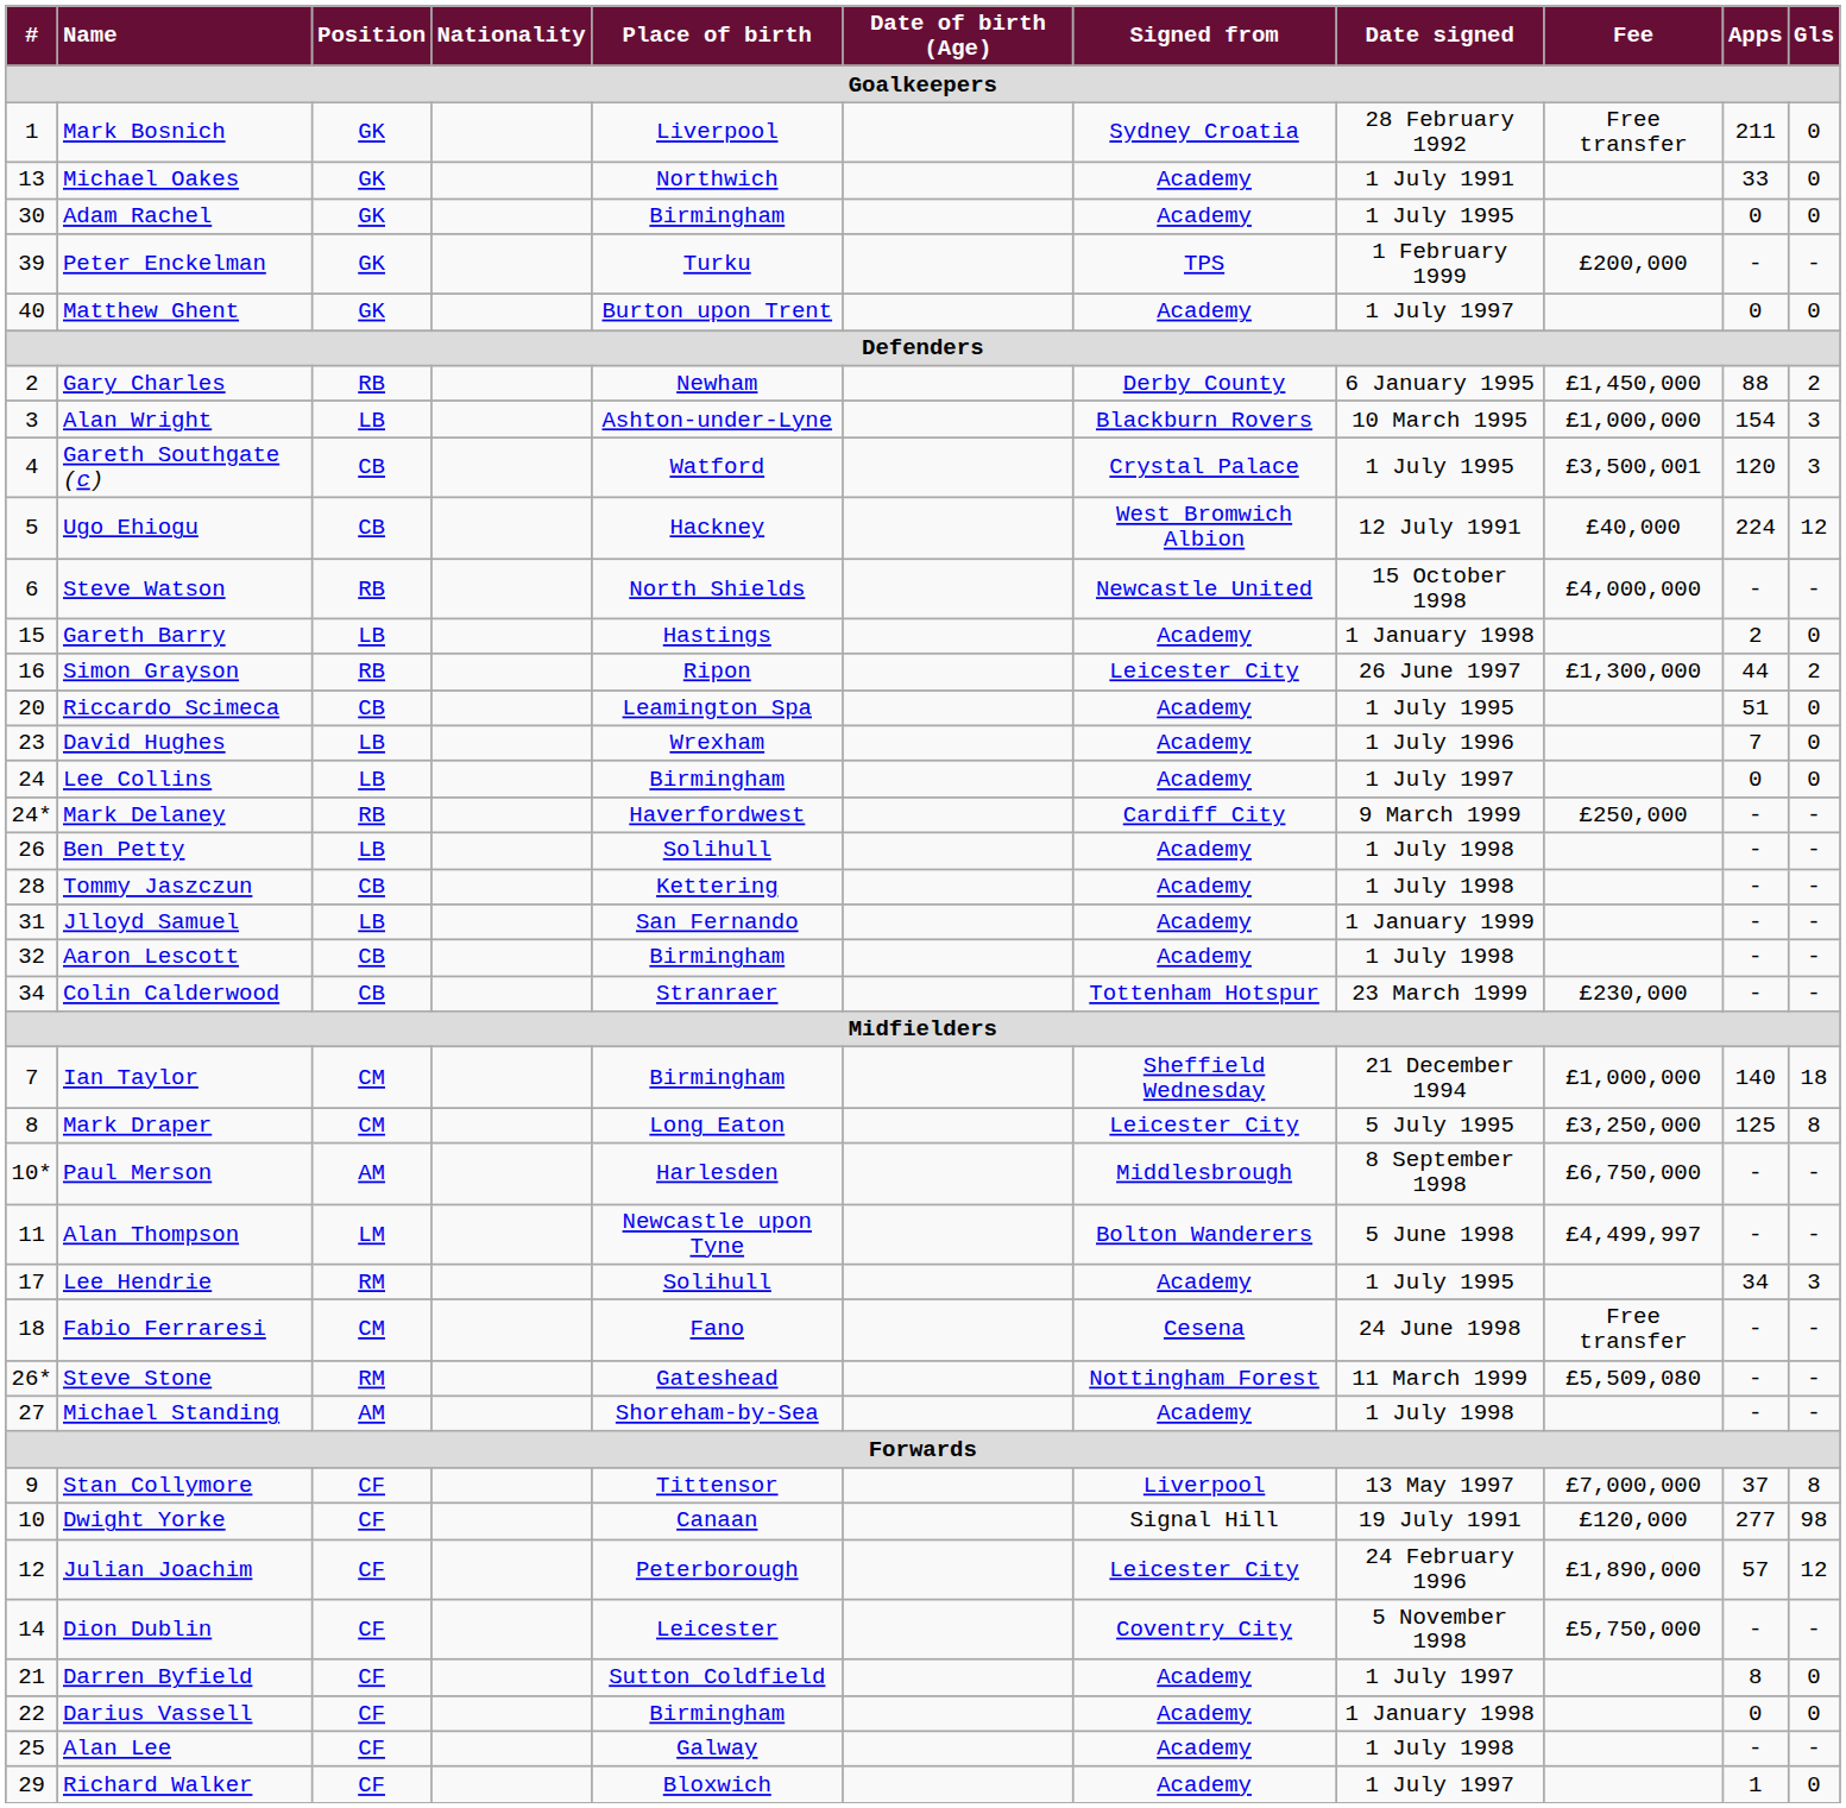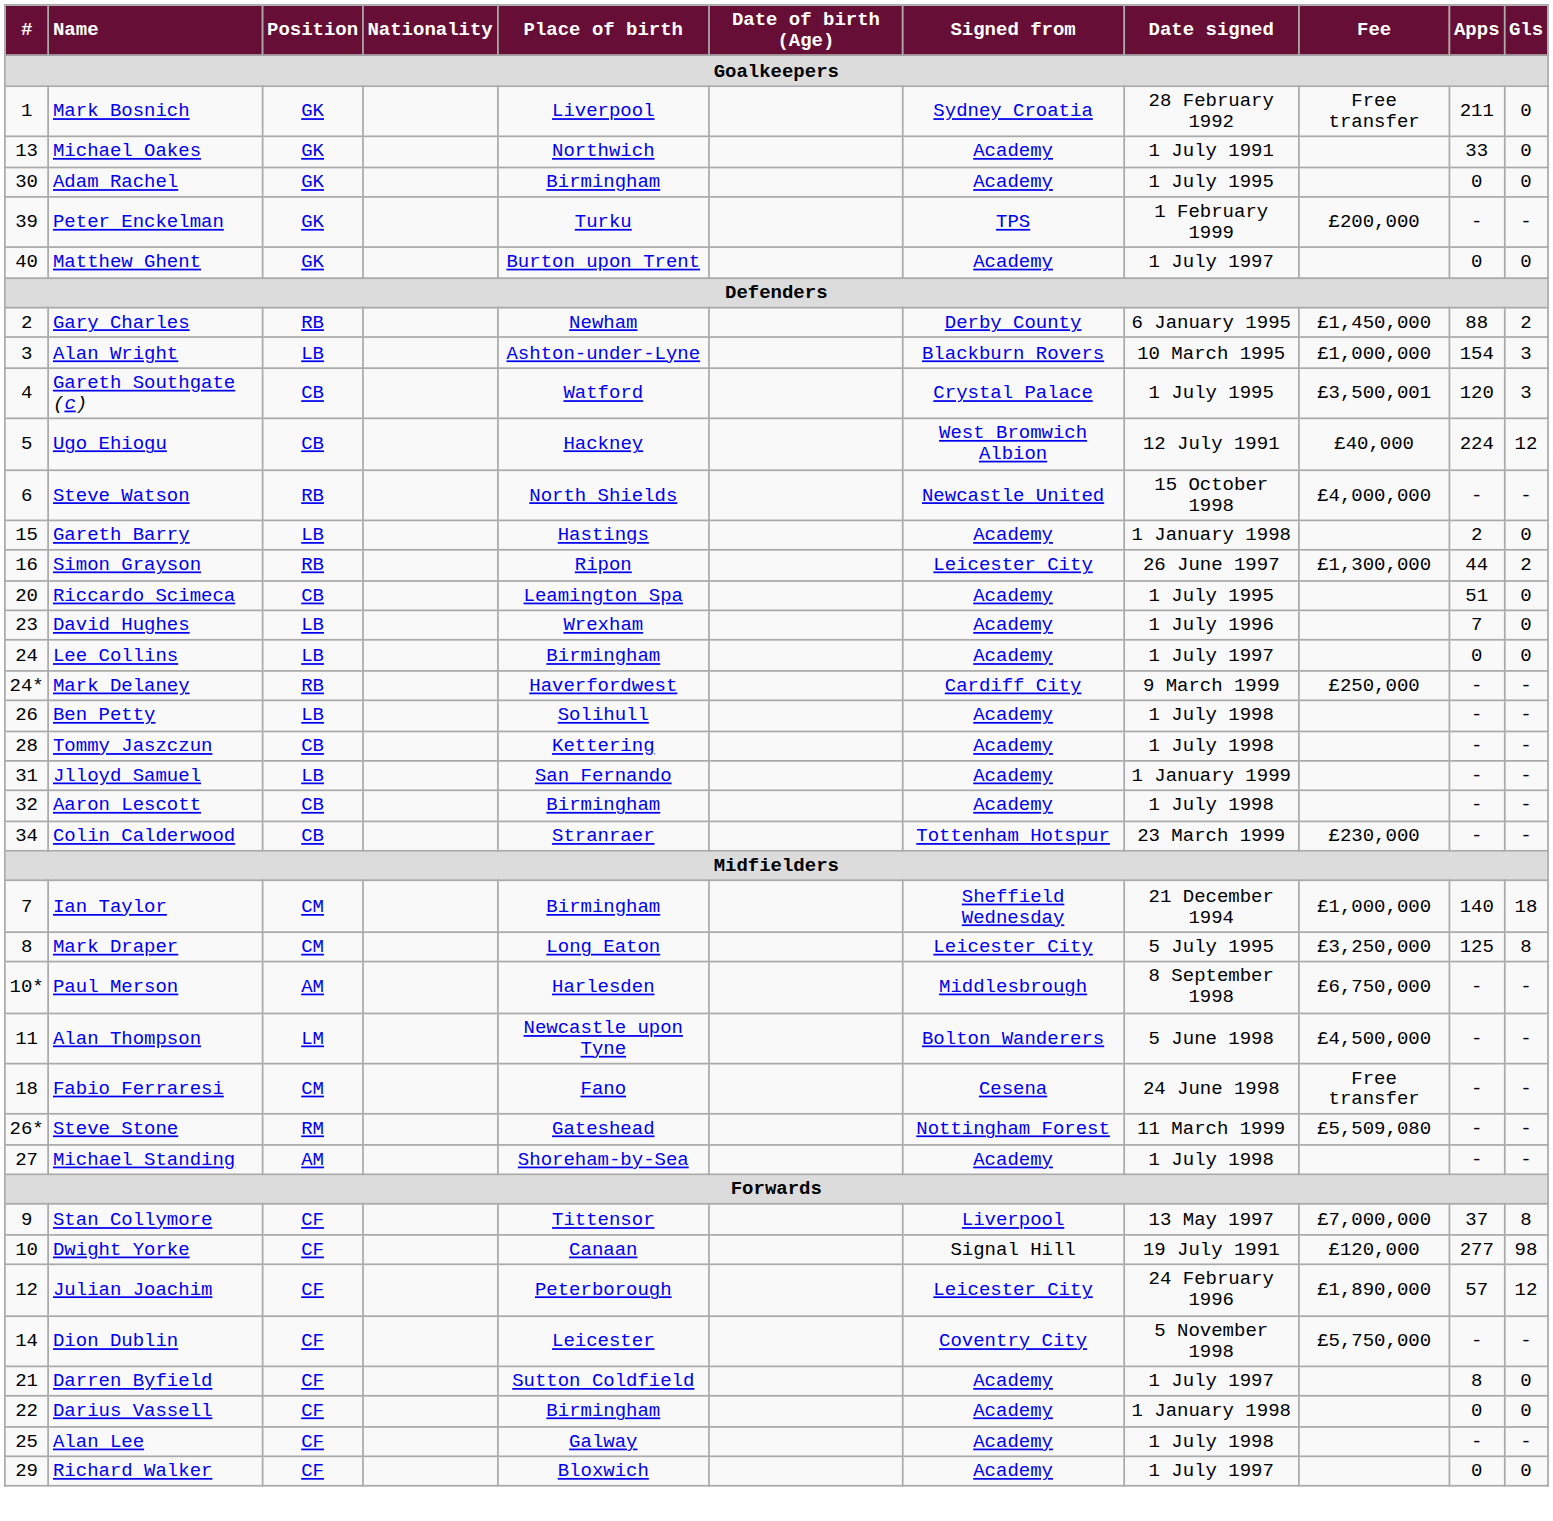 <table class="wikitable" style="text-align:center; font-size:84.5%; width:101%;">
 <tr>
 <th style="background:#670E36; color:#FFFFFF; text-align:center;">#</th>
 <th style="background:#670E36; color:#FFFFFF; text-align:left;">Name</th>
 <th style="background:#670E36; color:#FFFFFF; text-align:center;">Position</th>
 <th style="background:#670E36; color:#FFFFFF; text-align:center;">Nationality</th>
 <th style="background:#670E36; color:#FFFFFF; text-align:center;">Place of birth</th>
 <th style="background:#670E36; color:#FFFFFF; text-align:center;">Date of birth (Age)</th>
 <th style="background:#670E36; color:#FFFFFF; text-align:center;">Signed from</th>
 <th style="background:#670E36; color:#FFFFFF; text-align:center;">Date signed</th>
 <th style="background:#670E36; color:#FFFFFF; text-align:center;">Fee</th>
 <th style="background:#670E36; color:#FFFFFF; text-align:center;">Apps</th>
 <th style="background:#670E36; color:#FFFFFF; text-align:center;">Gls</th>
 </tr>
 <tr>
 <th colspan="11" style="background:#dcdcdc; tepxt-align:center;">Goalkeepers</th>
 </tr>
 <tr>
 <td>1</td>
 <td style="text-align:left;"><a href='#'>Mark Bosnich</a></td>
 <td><a href='#'>GK</a></td>
 <td></td>
 <td><a href='#'>Liverpool</a></td>
 <td></td>
 <td> <a href='#'>Sydney Croatia</a></td>
 <td>28 February 1992</td>
 <td>Free transfer</td>
 <td>211</td>
 <td>0</td>
 </tr>
 <tr>
 <td>13</td>
 <td style="text-align:left;"><a href='#'>Michael Oakes</a></td>
 <td><a href='#'>GK</a></td>
 <td></td>
 <td><a href='#'>Northwich</a></td>
 <td></td>
 <td><a href='#'>Academy</a></td>
 <td>1 July 1991</td>
 <td></td>
 <td>33</td>
 <td>0</td>
 </tr>
 <tr>
 <td>30</td>
 <td style="text-align:left;"><a href='#'>Adam Rachel</a></td>
 <td><a href='#'>GK</a></td>
 <td></td>
 <td><a href='#'>Birmingham</a></td>
 <td></td>
 <td><a href='#'>Academy</a></td>
 <td>1 July 1995</td>
 <td></td>
 <td>0</td>
 <td>0</td>
 </tr>
 <tr>
 <td>39</td>
 <td style="text-align:left;"><a href='#'>Peter Enckelman</a></td>
 <td><a href='#'>GK</a></td>
 <td></td>
 <td><a href='#'>Turku</a></td>
 <td></td>
 <td> <a href='#'>TPS</a></td>
 <td>1 February 1999</td>
 <td>£200,000</td>
 <td>-</td>
 <td>-</td>
 </tr>
 <tr>
 <td>40</td>
 <td style="text-align:left;"><a href='#'>Matthew Ghent</a></td>
 <td><a href='#'>GK</a></td>
 <td></td>
 <td><a href='#'>Burton upon Trent</a></td>
 <td></td>
 <td><a href='#'>Academy</a></td>
 <td>1 July 1997</td>
 <td></td>
 <td>0</td>
 <td>0</td>
 </tr>
 <tr>
 <th colspan="11" style="background:#dcdcdc; tepxt-align:center;">Defenders</th>
 </tr>
 <tr>
 <td>2</td>
 <td style="text-align:left;"><a href='#'>Gary Charles</a></td>
 <td><a href='#'>RB</a></td>
 <td></td>
 <td><a href='#'>Newham</a></td>
 <td></td>
 <td><a href='#'>Derby County</a></td>
 <td>6 January 1995</td>
 <td>£1,450,000</td>
 <td>88</td>
 <td>2</td>
 </tr>
 <tr>
 <td>3</td>
 <td style="text-align:left;"><a href='#'>Alan Wright</a></td>
 <td><a href='#'>LB</a></td>
 <td></td>
 <td><a href='#'>Ashton-under-Lyne</a></td>
 <td></td>
 <td><a href='#'>Blackburn Rovers</a></td>
 <td>10 March 1995</td>
 <td>£1,000,000</td>
 <td>154</td>
 <td>3</td>
 </tr>
 <tr>
 <td>4</td>
 <td style="text-align:left;"><a href='#'>Gareth Southgate</a> <em>(<a href='#'>c</a>)</em></td>
 <td><a href='#'>CB</a></td>
 <td></td>
 <td><a href='#'>Watford</a></td>
 <td></td>
 <td><a href='#'>Crystal Palace</a></td>
 <td>1 July 1995</td>
 <td>£3,500,001</td>
 <td>120</td>
 <td>3</td>
 </tr>
 <tr>
 <td>5</td>
 <td style="text-align:left;"><a href='#'>Ugo Ehiogu</a></td>
 <td><a href='#'>CB</a></td>
 <td></td>
 <td><a href='#'>Hackney</a></td>
 <td></td>
 <td><a href='#'>West Bromwich Albion</a></td>
 <td>12 July 1991</td>
 <td>£40,000</td>
 <td>224</td>
 <td>12</td>
 </tr>
 <tr>
 <td>6</td>
 <td style="text-align:left;"><a href='#'>Steve Watson</a></td>
 <td><a href='#'>RB</a></td>
 <td></td>
 <td><a href='#'>North Shields</a></td>
 <td></td>
 <td><a href='#'>Newcastle United</a></td>
 <td>15 October 1998</td>
 <td>£4,000,000</td>
 <td>-</td>
 <td>-</td>
 </tr>
 <tr>
 <td>15</td>
 <td style="text-align:left;"><a href='#'>Gareth Barry</a></td>
 <td><a href='#'>LB</a></td>
 <td></td>
 <td><a href='#'>Hastings</a></td>
 <td></td>
 <td><a href='#'>Academy</a></td>
 <td>1 January 1998</td>
 <td></td>
 <td>2</td>
 <td>0</td>
 </tr>
 <tr>
 <td>16</td>
 <td style="text-align:left;"><a href='#'>Simon Grayson</a></td>
 <td><a href='#'>RB</a></td>
 <td></td>
 <td><a href='#'>Ripon</a></td>
 <td></td>
 <td><a href='#'>Leicester City</a></td>
 <td>26 June 1997</td>
 <td>£1,300,000</td>
 <td>44</td>
 <td>2</td>
 </tr>
 <tr>
 <td>20</td>
 <td style="text-align:left;"><a href='#'>Riccardo Scimeca</a></td>
 <td><a href='#'>CB</a></td>
 <td></td>
 <td><a href='#'>Leamington Spa</a></td>
 <td></td>
 <td><a href='#'>Academy</a></td>
 <td>1 July 1995</td>
 <td></td>
 <td>51</td>
 <td>0</td>
 </tr>
 <tr>
 <td>23</td>
 <td style="text-align:left;"><a href='#'>David Hughes</a></td>
 <td><a href='#'>LB</a></td>
 <td></td>
 <td><a href='#'>Wrexham</a></td>
 <td></td>
 <td><a href='#'>Academy</a></td>
 <td>1 July 1996</td>
 <td></td>
 <td>7</td>
 <td>0</td>
 </tr>
 <tr>
 <td>24</td>
 <td style="text-align:left;"><a href='#'>Lee Collins</a></td>
 <td><a href='#'>LB</a></td>
 <td></td>
 <td><a href='#'>Birmingham</a></td>
 <td></td>
 <td><a href='#'>Academy</a></td>
 <td>1 July 1997</td>
 <td></td>
 <td>0</td>
 <td>0</td>
 </tr>
 <tr>
 <td>24*</td>
 <td style="text-align:left;"><a href='#'>Mark Delaney</a></td>
 <td><a href='#'>RB</a></td>
 <td></td>
 <td><a href='#'>Haverfordwest</a></td>
 <td></td>
 <td> <a href='#'>Cardiff City</a></td>
 <td>9 March 1999</td>
 <td>£250,000</td>
 <td>-</td>
 <td>-</td>
 </tr>
 <tr>
 <td>26</td>
 <td style="text-align:left;"><a href='#'>Ben Petty</a></td>
 <td><a href='#'>LB</a></td>
 <td></td>
 <td><a href='#'>Solihull</a></td>
 <td></td>
 <td><a href='#'>Academy</a></td>
 <td>1 July 1998</td>
 <td></td>
 <td>-</td>
 <td>-</td>
 </tr>
 <tr>
 <td>28</td>
 <td style="text-align:left;"><a href='#'>Tommy Jaszczun</a></td>
 <td><a href='#'>CB</a></td>
 <td></td>
 <td><a href='#'>Kettering</a></td>
 <td></td>
 <td><a href='#'>Academy</a></td>
 <td>1 July 1998</td>
 <td></td>
 <td>-</td>
 <td>-</td>
 </tr>
 <tr>
 <td>31</td>
 <td style="text-align:left;"><a href='#'>Jlloyd Samuel</a></td>
 <td><a href='#'>LB</a></td>
 <td></td>
 <td><a href='#'>San Fernando</a></td>
 <td></td>
 <td><a href='#'>Academy</a></td>
 <td>1 January 1999</td>
 <td></td>
 <td>-</td>
 <td>-</td>
 </tr>
 <tr>
 <td>32</td>
 <td style="text-align:left;"><a href='#'>Aaron Lescott</a></td>
 <td><a href='#'>CB</a></td>
 <td></td>
 <td><a href='#'>Birmingham</a></td>
 <td></td>
 <td><a href='#'>Academy</a></td>
 <td>1 July 1998</td>
 <td></td>
 <td>-</td>
 <td>-</td>
 </tr>
 <tr>
 <td>34</td>
 <td style="text-align:left;"><a href='#'>Colin Calderwood</a></td>
 <td><a href='#'>CB</a></td>
 <td></td>
 <td><a href='#'>Stranraer</a></td>
 <td></td>
 <td><a href='#'>Tottenham Hotspur</a></td>
 <td>23 March 1999</td>
 <td>£230,000</td>
 <td>-</td>
 <td>-</td>
 </tr>
 <tr>
 <th colspan="11" style="background:#dcdcdc; tepxt-align:center;">Midfielders</th>
 </tr>
 <tr>
 <td>7</td>
 <td style="text-align:left;"><a href='#'>Ian Taylor</a></td>
 <td><a href='#'>CM</a></td>
 <td></td>
 <td><a href='#'>Birmingham</a></td>
 <td></td>
 <td><a href='#'>Sheffield Wednesday</a></td>
 <td>21 December 1994</td>
 <td>£1,000,000</td>
 <td>140</td>
 <td>18</td>
 </tr>
 <tr>
 <td>8</td>
 <td style="text-align:left;"><a href='#'>Mark Draper</a></td>
 <td><a href='#'>CM</a></td>
 <td></td>
 <td><a href='#'>Long Eaton</a></td>
 <td></td>
 <td><a href='#'>Leicester City</a></td>
 <td>5 July 1995</td>
 <td>£3,250,000</td>
 <td>125</td>
 <td>8</td>
 </tr>
 <tr>
 <td>10*</td>
 <td style="text-align:left;"><a href='#'>Paul Merson</a></td>
 <td><a href='#'>AM</a></td>
 <td></td>
 <td><a href='#'>Harlesden</a></td>
 <td></td>
 <td><a href='#'>Middlesbrough</a></td>
 <td>8 September 1998</td>
 <td>£6,750,000</td>
 <td>-</td>
 <td>-</td>
 </tr>
 <tr>
 <td>11</td>
 <td style="text-align:left;"><a href='#'>Alan Thompson</a></td>
 <td><a href='#'>LM</a></td>
 <td></td>
 <td><a href='#'>Newcastle upon Tyne</a></td>
 <td></td>
 <td><a href='#'>Bolton Wanderers</a></td>
 <td>5 June 1998</td>
-<td>£4,499,997</td>
+<td>£4,500,000</td>
 <td>-</td>
 <td>-</td>
-</tr>
-<tr>
-<td>17</td>
-<td style="text-align:left;"><a href='#'>Lee Hendrie</a></td>
-<td><a href='#'>RM</a></td>
-<td></td>
-<td><a href='#'>Solihull</a></td>
-<td></td>
-<td><a href='#'>Academy</a></td>
-<td>1 July 1995</td>
-<td></td>
-<td>34</td>
-<td>3</td>
 </tr>
 <tr>
 <td>18</td>
 <td style="text-align:left;"><a href='#'>Fabio Ferraresi</a></td>
 <td><a href='#'>CM</a></td>
 <td></td>
 <td><a href='#'>Fano</a></td>
 <td></td>
 <td> <a href='#'>Cesena</a></td>
 <td>24 June 1998</td>
 <td>Free transfer</td>
 <td>-</td>
 <td>-</td>
 </tr>
 <tr>
 <td>26*</td>
 <td style="text-align:left;"><a href='#'>Steve Stone</a></td>
 <td><a href='#'>RM</a></td>
 <td></td>
 <td><a href='#'>Gateshead</a></td>
 <td></td>
 <td><a href='#'>Nottingham Forest</a></td>
 <td>11 March 1999</td>
 <td>£5,509,080</td>
 <td>-</td>
 <td>-</td>
 </tr>
 <tr>
 <td>27</td>
 <td style="text-align:left;"><a href='#'>Michael Standing</a></td>
 <td><a href='#'>AM</a></td>
 <td></td>
 <td><a href='#'>Shoreham-by-Sea</a></td>
 <td></td>
 <td><a href='#'>Academy</a></td>
 <td>1 July 1998</td>
 <td></td>
 <td>-</td>
 <td>-</td>
 </tr>
 <tr>
 <th colspan="11" style="background:#dcdcdc; tepxt-align:center;">Forwards</th>
 </tr>
 <tr>
 <td>9</td>
 <td style="text-align:left;"><a href='#'>Stan Collymore</a></td>
 <td><a href='#'>CF</a></td>
 <td></td>
 <td><a href='#'>Tittensor</a></td>
 <td></td>
 <td><a href='#'>Liverpool</a></td>
 <td>13 May 1997</td>
 <td>£7,000,000</td>
 <td>37</td>
 <td>8</td>
 </tr>
 <tr>
 <td>10</td>
 <td style="text-align:left;"><a href='#'>Dwight Yorke</a></td>
 <td><a href='#'>CF</a></td>
 <td></td>
 <td><a href='#'>Canaan</a></td>
 <td></td>
 <td> Signal Hill</td>
 <td>19 July 1991</td>
 <td>£120,000</td>
 <td>277</td>
 <td>98</td>
 </tr>
 <tr>
 <td>12</td>
 <td style="text-align:left;"><a href='#'>Julian Joachim</a></td>
 <td><a href='#'>CF</a></td>
 <td></td>
 <td><a href='#'>Peterborough</a></td>
 <td></td>
 <td><a href='#'>Leicester City</a></td>
 <td>24 February 1996</td>
 <td>£1,890,000</td>
 <td>57</td>
 <td>12</td>
 </tr>
 <tr>
 <td>14</td>
 <td style="text-align:left;"><a href='#'>Dion Dublin</a></td>
 <td><a href='#'>CF</a></td>
 <td></td>
 <td><a href='#'>Leicester</a></td>
 <td></td>
 <td><a href='#'>Coventry City</a></td>
 <td>5 November 1998</td>
 <td>£5,750,000</td>
 <td>-</td>
 <td>-</td>
 </tr>
 <tr>
 <td>21</td>
 <td style="text-align:left;"><a href='#'>Darren Byfield</a></td>
 <td><a href='#'>CF</a></td>
 <td></td>
 <td> <a href='#'>Sutton Coldfield</a></td>
 <td></td>
 <td><a href='#'>Academy</a></td>
 <td>1 July 1997</td>
 <td></td>
 <td>8</td>
 <td>0</td>
 </tr>
 <tr>
 <td>22</td>
 <td style="text-align:left;"><a href='#'>Darius Vassell</a></td>
 <td><a href='#'>CF</a></td>
 <td></td>
 <td><a href='#'>Birmingham</a></td>
 <td></td>
 <td><a href='#'>Academy</a></td>
 <td>1 January 1998</td>
 <td></td>
 <td>0</td>
 <td>0</td>
 </tr>
 <tr>
 <td>25</td>
 <td style="text-align:left;"><a href='#'>Alan Lee</a></td>
 <td><a href='#'>CF</a></td>
 <td></td>
 <td><a href='#'>Galway</a></td>
 <td></td>
 <td><a href='#'>Academy</a></td>
 <td>1 July 1998</td>
 <td></td>
 <td>-</td>
 <td>-</td>
 </tr>
 <tr>
 <td>29</td>
 <td style="text-align:left;"><a href='#'>Richard Walker</a></td>
 <td><a href='#'>CF</a></td>
 <td></td>
 <td><a href='#'>Bloxwich</a></td>
 <td></td>
 <td><a href='#'>Academy</a></td>
 <td>1 July 1997</td>
 <td></td>
-<td>1</td>
+<td>0</td>
 <td>0</td>
 </tr>
 </table>
